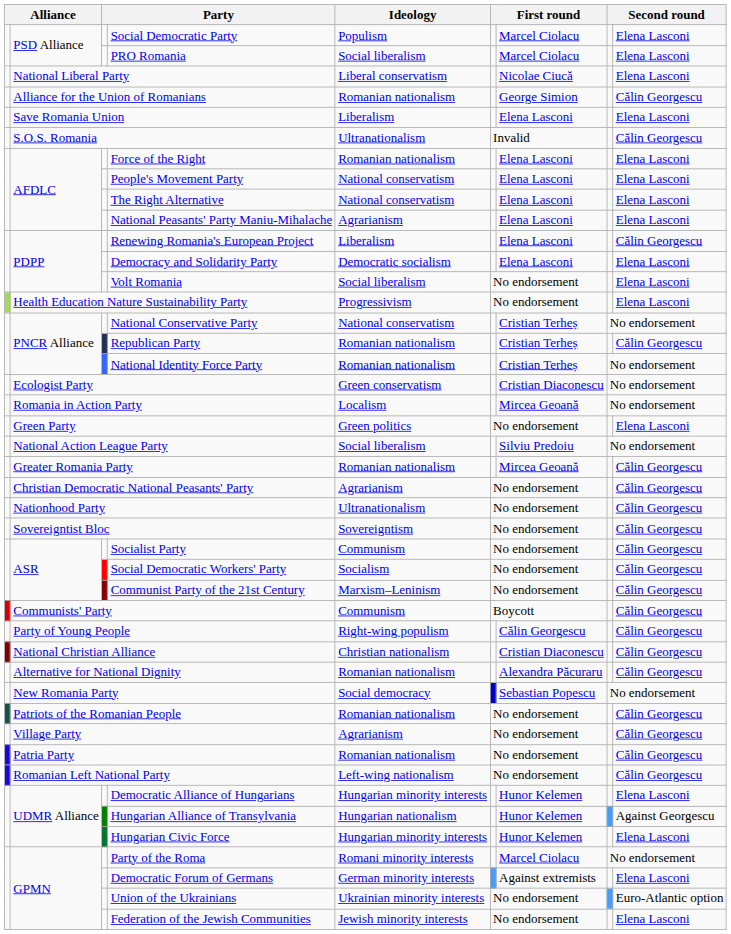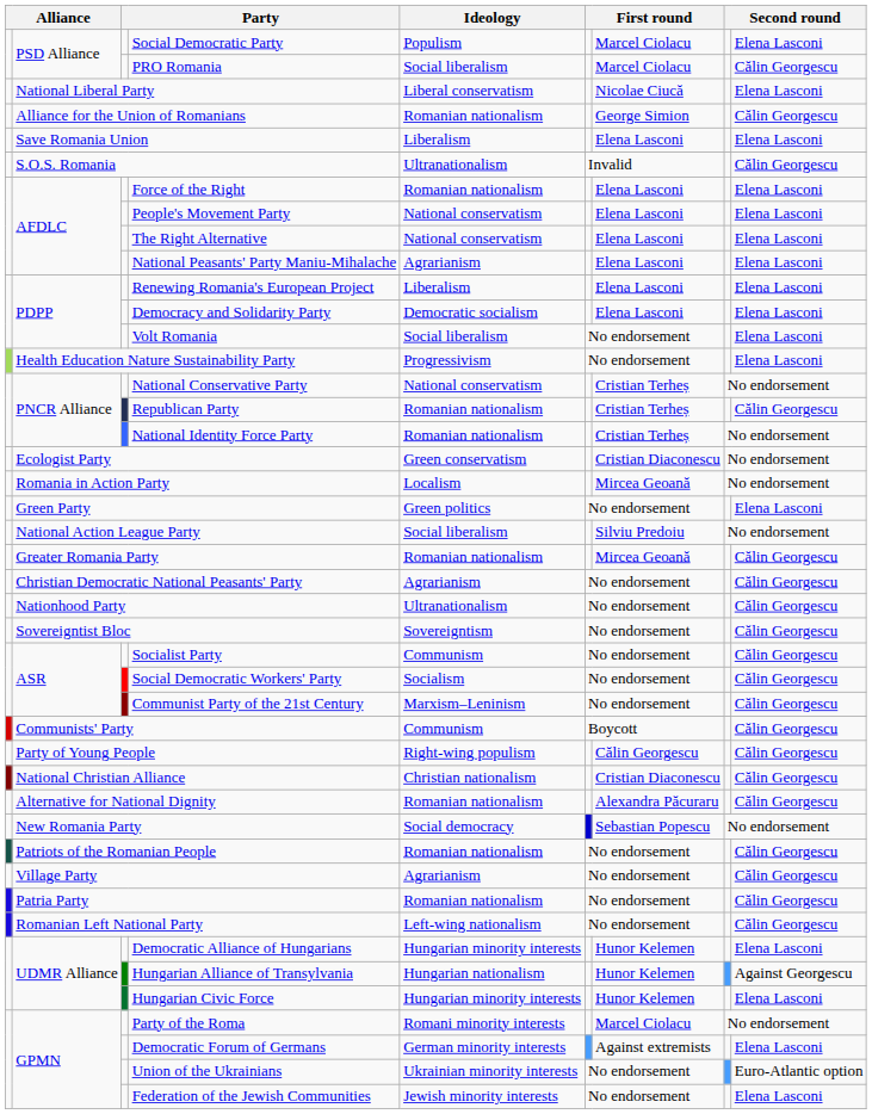 <table class="wikitable sortable">
 <tr>
 <th colspan="2">Alliance</th>
 <th colspan="2">Party</th>
 <th>Ideology</th>
 <th colspan="2">First round</th>
 <th colspan="2">Second round</th>
 </tr>
 <tr>
 <td rowspan=2 style="background-color: "></td>
 <td rowspan=2><a href='#'>PSD</a> Alliance</td>
 <td style="background-color: "></td>
 <td><a href='#'>Social Democratic Party</a></td>
 <td><a href='#'>Populism</a></td>
 <td style="background-color: "></td>
 <td><a href='#'>Marcel Ciolacu</a></td>
 <td style="background-color: "></td>
 <td><a href='#'>Elena Lasconi</a></td>
 </tr>
 <tr>
 <td style="background-color: "></td>
 <td><a href='#'>PRO Romania</a></td>
 <td><a href='#'>Social liberalism</a></td>
 <td style="background-color: "></td>
 <td><a href='#'>Marcel Ciolacu</a></td>
 <td style="background-color: "></td>
-<td><a href='#'>Elena Lasconi</a></td>
+<td><a href='#'>Călin Georgescu</a></td>
 </tr>
 <tr>
 <td style="background-color: "></td>
 <td colspan=3><a href='#'>National Liberal Party</a></td>
 <td><a href='#'>Liberal conservatism</a></td>
 <td style="background-color: "></td>
 <td><a href='#'>Nicolae Ciucă</a></td>
 <td style="background-color: "></td>
 <td><a href='#'>Elena Lasconi</a></td>
 </tr>
 <tr>
 <td style="background-color: "></td>
 <td colspan=3><a href='#'>Alliance for the Union of Romanians</a></td>
 <td><a href='#'>Romanian nationalism</a></td>
 <td style="background-color: "></td>
 <td><a href='#'>George Simion</a></td>
 <td style="background-color: "></td>
 <td><a href='#'>Călin Georgescu</a></td>
 </tr>
 <tr>
 <td style="background-color: "></td>
 <td colspan=3><a href='#'>Save Romania Union</a></td>
 <td><a href='#'>Liberalism</a></td>
 <td style="background-color: "></td>
 <td><a href='#'>Elena Lasconi</a></td>
 <td style="background-color: "></td>
 <td><a href='#'>Elena Lasconi</a></td>
 </tr>
 <tr>
 <td style="background-color: "></td>
 <td colspan=3><a href='#'>S.O.S. Romania</a></td>
 <td><a href='#'>Ultranationalism</a></td>
 <td colspan=2>Invalid</td>
 <td style="background-color: "></td>
 <td><a href='#'>Călin Georgescu</a></td>
 </tr>
 <tr>
 <td rowspan=4 style="background-color: "></td>
 <td rowspan=4><a href='#'>AFDLC</a></td>
 <td style="background-color: "></td>
 <td><a href='#'>Force of the Right</a></td>
 <td><a href='#'>Romanian nationalism</a></td>
 <td style="background-color: "></td>
 <td><a href='#'>Elena Lasconi</a></td>
 <td style="background-color: "></td>
 <td><a href='#'>Elena Lasconi</a></td>
 </tr>
 <tr>
 <td style="background-color: "></td>
 <td><a href='#'>People's Movement Party</a></td>
 <td><a href='#'>National conservatism</a></td>
 <td style="background-color: "></td>
 <td><a href='#'>Elena Lasconi</a></td>
 <td style="background-color: "></td>
 <td><a href='#'>Elena Lasconi</a></td>
 </tr>
 <tr>
 <td style="background-color: "></td>
 <td><a href='#'>The Right Alternative</a></td>
 <td><a href='#'>National conservatism</a></td>
 <td style="background-color: "></td>
 <td><a href='#'>Elena Lasconi</a></td>
 <td style="background-color: "></td>
 <td><a href='#'>Elena Lasconi</a></td>
 </tr>
 <tr>
 <td style="background-color: "></td>
 <td><a href='#'>National Peasants' Party Maniu-Mihalache</a></td>
 <td><a href='#'>Agrarianism</a></td>
 <td style="background-color: "></td>
 <td><a href='#'>Elena Lasconi</a></td>
 <td style="background-color: "></td>
 <td><a href='#'>Elena Lasconi</a></td>
 </tr>
 <tr>
 <td rowspan=3 style="background-color: "></td>
 <td rowspan=3><a href='#'>PDPP</a></td>
 <td style="background-color: "></td>
 <td><a href='#'>Renewing Romania's European Project</a></td>
 <td><a href='#'>Liberalism</a></td>
 <td style="background-color: "></td>
 <td><a href='#'>Elena Lasconi</a></td>
 <td style="background-color: "></td>
-<td><a href='#'>Călin Georgescu</a></td>
+<td><a href='#'>Elena Lasconi</a></td>
 </tr>
 <tr>
 <td style="background-color: "></td>
 <td><a href='#'>Democracy and Solidarity Party</a></td>
 <td><a href='#'>Democratic socialism</a></td>
 <td style="background-color: "></td>
 <td><a href='#'>Elena Lasconi</a></td>
 <td style="background-color: "></td>
 <td><a href='#'>Elena Lasconi</a></td>
 </tr>
 <tr>
 <td style="background-color: "></td>
 <td><a href='#'>Volt Romania</a></td>
 <td><a href='#'>Social liberalism</a></td>
 <td colspan="2">No endorsement</td>
 <td style="background-color: "></td>
 <td><a href='#'>Elena Lasconi</a></td>
 </tr>
 <tr>
 <td bgcolor=#a2da5a></td>
 <td colspan=3><a href='#'>Health Education Nature Sustainability Party</a></td>
 <td><a href='#'>Progressivism</a></td>
 <td colspan="2">No endorsement</td>
 <td style="background-color: "></td>
 <td><a href='#'>Elena Lasconi</a></td>
 </tr>
 <tr>
 <td rowspan=3 style="background-color: "></td>
 <td rowspan=3><a href='#'>PNCR</a> Alliance</td>
 <td style="background-color: "></td>
 <td><a href='#'>National Conservative Party</a></td>
 <td><a href='#'>National conservatism</a></td>
 <td style="background-color: "></td>
 <td><a href='#'>Cristian Terheș</a></td>
 <td colspan=2>No endorsement</td>
 </tr>
 <tr>
 <td style="background-color:#222E54;"></td>
 <td><a href='#'>Republican Party</a></td>
 <td><a href='#'>Romanian nationalism</a></td>
 <td style="background-color: "></td>
 <td><a href='#'>Cristian Terheș</a></td>
 <td style="background-color: "></td>
 <td><a href='#'>Călin Georgescu</a></td>
 </tr>
 <tr>
 <td bgcolor="#3465ff"></td>
 <td><a href='#'>National Identity Force Party</a></td>
 <td><a href='#'>Romanian nationalism</a></td>
 <td style="background-color: "></td>
 <td><a href='#'>Cristian Terheș</a></td>
 <td colspan=2>No endorsement</td>
 </tr>
 <tr>
 <td style="background-color: "></td>
 <td colspan=3><a href='#'>Ecologist Party</a></td>
 <td><a href='#'>Green conservatism</a></td>
 <td style="background-color: "></td>
 <td><a href='#'>Cristian Diaconescu</a></td>
 <td colspan=2>No endorsement</td>
 </tr>
 <tr>
 <td style="background-color: "></td>
 <td colspan=3><a href='#'>Romania in Action Party</a></td>
 <td><a href='#'>Localism</a></td>
 <td style="background-color: "></td>
 <td><a href='#'>Mircea Geoană</a></td>
 <td colspan="2">No endorsement</td>
 </tr>
 <tr>
 <td style="background-color: "></td>
 <td colspan=3><a href='#'>Green Party</a></td>
 <td><a href='#'>Green politics</a></td>
 <td colspan="2">No endorsement</td>
 <td style="background-color: "></td>
 <td><a href='#'>Elena Lasconi</a></td>
 </tr>
 <tr>
 <td style="background-color: "></td>
 <td colspan=3><a href='#'>National Action League Party</a></td>
 <td><a href='#'>Social liberalism</a></td>
 <td style="background-color: "></td>
 <td><a href='#'>Silviu Predoiu</a></td>
 <td colspan=2>No endorsement</td>
 </tr>
 <tr>
 <td style="background-color: "></td>
 <td colspan=3><a href='#'>Greater Romania Party</a></td>
 <td><a href='#'>Romanian nationalism</a></td>
 <td style="background-color: "></td>
 <td><a href='#'>Mircea Geoană</a></td>
 <td style="background-color: "></td>
 <td><a href='#'>Călin Georgescu</a></td>
 </tr>
 <tr>
 <td style="background-color: "></td>
 <td colspan=3><a href='#'>Christian Democratic National Peasants' Party</a></td>
 <td><a href='#'>Agrarianism</a></td>
 <td colspan=2>No endorsement</td>
 <td style="background-color: "></td>
 <td><a href='#'>Călin Georgescu</a></td>
 </tr>
 <tr>
 <td style="background-color: "></td>
 <td colspan=3><a href='#'>Nationhood Party</a></td>
 <td><a href='#'>Ultranationalism</a></td>
 <td colspan=2>No endorsement</td>
 <td style="background-color: "></td>
 <td><a href='#'>Călin Georgescu</a></td>
 </tr>
 <tr>
 <td style="background-color: "></td>
 <td colspan=3><a href='#'>Sovereigntist Bloc</a></td>
 <td><a href='#'>Sovereigntism</a></td>
 <td colspan=2>No endorsement</td>
 <td style="background-color: "></td>
 <td><a href='#'>Călin Georgescu</a></td>
 </tr>
 <tr>
 <td rowspan=3 style="background-color: "></td>
 <td rowspan=3><a href='#'>ASR</a></td>
 <td style="background-color: "></td>
 <td><a href='#'>Socialist Party</a></td>
 <td><a href='#'>Communism</a></td>
 <td colspan=2>No endorsement</td>
 <td style="background-color: "></td>
 <td><a href='#'>Călin Georgescu</a></td>
 </tr>
 <tr>
 <td style="background-color: red;"></td>
 <td><a href='#'>Social Democratic Workers' Party</a></td>
 <td><a href='#'>Socialism</a></td>
 <td colspan=2>No endorsement</td>
 <td style="background-color: "></td>
 <td><a href='#'>Călin Georgescu</a></td>
 </tr>
 <tr>
 <td style="background-color: darkred;"></td>
 <td><a href='#'>Communist Party of the 21st Century</a></td>
 <td><a href='#'>Marxism–Leninism</a></td>
 <td colspan=2>No endorsement</td>
 <td style="background-color: "></td>
 <td><a href='#'>Călin Georgescu</a></td>
 </tr>
 <tr>
 <td style="background-color: #D50100;"></td>
 <td colspan=3><a href='#'>Communists' Party</a></td>
 <td><a href='#'>Communism</a></td>
 <td colspan=2>Boycott</td>
 <td style="background-color: "></td>
 <td><a href='#'>Călin Georgescu</a></td>
 </tr>
 <tr>
 <td></td>
 <td colspan=3><a href='#'>Party of Young People</a></td>
 <td><a href='#'>Right-wing populism</a></td>
 <td style="background-color: "></td>
 <td><a href='#'>Călin Georgescu</a></td>
 <td style="background-color: "></td>
 <td><a href='#'>Călin Georgescu</a></td>
 </tr>
 <tr>
 <td bgcolor="Maroon"></td>
 <td colspan=3><a href='#'>National Christian Alliance</a></td>
 <td><a href='#'>Christian nationalism</a></td>
 <td style="background-color: "></td>
 <td><a href='#'>Cristian Diaconescu</a></td>
 <td style="background-color: "></td>
 <td><a href='#'>Călin Georgescu</a></td>
 </tr>
 <tr>
 <td style="background-color: "></td>
 <td colspan=3><a href='#'>Alternative for National Dignity</a></td>
 <td><a href='#'>Romanian nationalism</a></td>
 <td style="background-color: "></td>
 <td><a href='#'>Alexandra Păcuraru</a></td>
 <td style="background-color: "></td>
 <td><a href='#'>Călin Georgescu</a></td>
 </tr>
 <tr>
 <td></td>
 <td colspan=3><a href='#'>New Romania Party</a></td>
 <td><a href='#'>Social democracy</a></td>
 <td bgcolor="MediumBlue"></td>
 <td><a href='#'>Sebastian Popescu</a></td>
 <td colspan=2>No endorsement</td>
 </tr>
 <tr>
 <td bgcolor="#155348"></td>
 <td colspan=3><a href='#'>Patriots of the Romanian People</a></td>
 <td><a href='#'>Romanian nationalism</a></td>
 <td colspan=2>No endorsement</td>
 <td style="background-color: "></td>
 <td><a href='#'>Călin Georgescu</a></td>
 </tr>
 <tr>
 <td style="background-color: "></td>
 <td colspan=3><a href='#'>Village Party</a></td>
 <td><a href='#'>Agrarianism</a></td>
 <td colspan=2>No endorsement</td>
 <td style="background-color: "></td>
 <td><a href='#'>Călin Georgescu</a></td>
 </tr>
 <tr>
 <td bgcolor="#1709DC"></td>
 <td colspan=3><a href='#'>Patria Party</a></td>
 <td><a href='#'>Romanian nationalism</a></td>
 <td colspan=2>No endorsement</td>
 <td style="background-color: "></td>
 <td><a href='#'>Călin Georgescu</a></td>
 </tr>
 <tr>
 <td bgcolor="#1709DC"></td>
 <td colspan=3><a href='#'>Romanian Left National Party</a></td>
 <td><a href='#'>Left-wing nationalism</a></td>
 <td colspan=2>No endorsement</td>
 <td style="background-color: "></td>
 <td><a href='#'>Călin Georgescu</a></td>
 </tr>
 <tr>
 <td rowspan=3 style="background-color: "></td>
 <td rowspan=3><a href='#'>UDMR</a> Alliance</td>
 <td style="background-color: "></td>
 <td><a href='#'>Democratic Alliance of Hungarians</a></td>
 <td><a href='#'>Hungarian minority interests</a></td>
 <td style="background-color: "></td>
 <td><a href='#'>Hunor Kelemen</a></td>
 <td style="background-color: "></td>
 <td><a href='#'>Elena Lasconi</a></td>
 </tr>
 <tr>
 <td style="background-color: green;"></td>
 <td><a href='#'>Hungarian Alliance of Transylvania</a></td>
 <td><a href='#'>Hungarian nationalism</a></td>
 <td style="background-color: "></td>
 <td><a href='#'>Hunor Kelemen</a></td>
 <td style="background-color: #469dff;"></td>
 <td>Against Georgescu</td>
 </tr>
 <tr>
 <td style="background-color: #04732f;"></td>
 <td><a href='#'>Hungarian Civic Force</a></td>
 <td><a href='#'>Hungarian minority interests</a></td>
 <td style="background-color: "></td>
 <td><a href='#'>Hunor Kelemen</a></td>
 <td style="background-color: "></td>
 <td><a href='#'>Elena Lasconi</a></td>
 </tr>
 <tr>
 <td rowspan=4 style="background-color: "></td>
 <td rowspan=4><a href='#'>GPMN</a></td>
 <td style="background-color: "></td>
 <td><a href='#'>Party of the Roma</a></td>
 <td><a href='#'>Romani minority interests</a></td>
 <td style="background-color: "></td>
 <td><a href='#'>Marcel Ciolacu</a></td>
 <td colspan=2>No endorsement</td>
 </tr>
 <tr>
 <td style="background-color: "></td>
 <td><a href='#'>Democratic Forum of Germans</a></td>
 <td><a href='#'>German minority interests</a></td>
 <td style="background-color: #469dff;"></td>
 <td>Against extremists</td>
 <td style="background-color: "></td>
 <td><a href='#'>Elena Lasconi</a></td>
 </tr>
 <tr>
 <td style="background-color: "></td>
 <td><a href='#'>Union of the Ukrainians</a></td>
 <td><a href='#'>Ukrainian minority interests</a></td>
 <td colspan=2>No endorsement</td>
 <td style="background-color: #469dff;"></td>
 <td>Euro-Atlantic option</td>
 </tr>
 <tr>
 <td style="background-color: "></td>
 <td><a href='#'>Federation of the Jewish Communities</a></td>
 <td><a href='#'>Jewish minority interests</a></td>
 <td colspan=2>No endorsement</td>
 <td style="background-color: "></td>
 <td><a href='#'>Elena Lasconi</a></td>
 </tr>
 </table>
